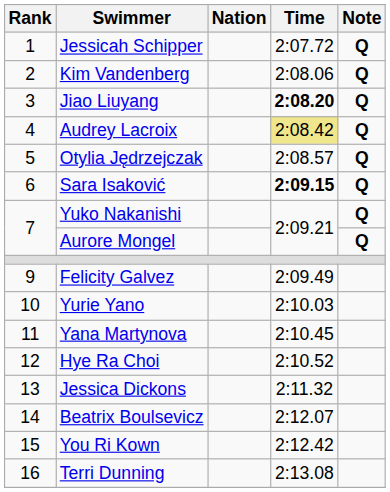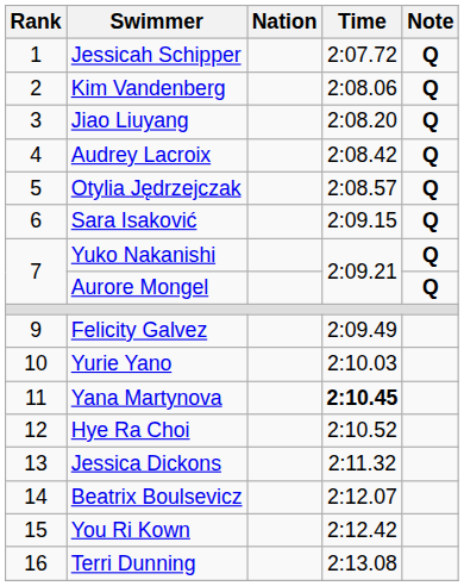 <table class="wikitable" style="text-align:center">
 <tr>
 <th>Rank</th>
 <th>Swimmer</th>
 <th>Nation</th>
 <th>Time</th>
 <th>Note</th>
 </tr>
 <tr>
 <td>1</td>
 <td align=left><a href='#'>Jessicah Schipper</a></td>
 <td align=left></td>
 <td>2:07.72</td>
 <td><strong>Q</strong></td>
 </tr>
 <tr>
 <td>2</td>
 <td align=left><a href='#'>Kim Vandenberg</a></td>
 <td align=left></td>
 <td>2:08.06</td>
 <td><strong>Q</strong></td>
 </tr>
 <tr>
 <td>3</td>
 <td align=left><a href='#'>Jiao Liuyang</a></td>
 <td align=left></td>
-<td><strong>2:08.20</strong></td>
+<td>2:08.20</td>
 <td><strong>Q</strong></td>
 </tr>
 <tr>
 <td>4</td>
 <td align=left><a href='#'>Audrey Lacroix</a></td>
 <td align=left></td>
-<td style="background: khaki;">2:08.42</td>
+<td>2:08.42</td>
 <td><strong>Q</strong></td>
 </tr>
 <tr>
 <td>5</td>
 <td align=left><a href='#'>Otylia Jędrzejczak</a></td>
 <td align=left></td>
 <td>2:08.57</td>
 <td><strong>Q</strong></td>
 </tr>
 <tr>
 <td>6</td>
 <td align=left><a href='#'>Sara Isaković</a></td>
 <td align=left></td>
-<td><strong>2:09.15</strong></td>
+<td>2:09.15</td>
 <td><strong>Q</strong></td>
 </tr>
 <tr>
 <td rowspan=2>7</td>
 <td align=left><a href='#'>Yuko Nakanishi</a></td>
 <td align=left></td>
 <td rowspan=2>2:09.21</td>
 <td><strong>Q</strong></td>
 </tr>
 <tr>
 <td align=left><a href='#'>Aurore Mongel</a></td>
 <td align=left></td>
 <td><strong>Q</strong></td>
 </tr>
 <tr bgcolor=#DDDDDD>
 <td colspan=5></td>
 </tr>
 <tr>
 <td>9</td>
 <td align=left><a href='#'>Felicity Galvez</a></td>
 <td align=left></td>
 <td>2:09.49</td>
 <td></td>
 </tr>
 <tr>
 <td>10</td>
 <td align=left><a href='#'>Yurie Yano</a></td>
 <td align=left></td>
 <td>2:10.03</td>
 <td></td>
 </tr>
 <tr>
 <td>11</td>
 <td align=left><a href='#'>Yana Martynova</a></td>
 <td align=left></td>
-<td>2:10.45</td>
+<td><strong>2:10.45</strong></td>
 <td></td>
 </tr>
 <tr>
 <td>12</td>
 <td align=left><a href='#'>Hye Ra Choi</a></td>
 <td align=left></td>
 <td>2:10.52</td>
 <td></td>
 </tr>
 <tr>
 <td>13</td>
 <td align=left><a href='#'>Jessica Dickons</a></td>
 <td align=left></td>
 <td>2:11.32</td>
 <td></td>
 </tr>
 <tr>
 <td>14</td>
 <td align=left><a href='#'>Beatrix Boulsevicz</a></td>
 <td align=left></td>
 <td>2:12.07</td>
 <td></td>
 </tr>
 <tr>
 <td>15</td>
 <td align=left><a href='#'>You Ri Kown</a></td>
 <td align=left></td>
 <td>2:12.42</td>
 <td></td>
 </tr>
 <tr>
 <td>16</td>
 <td align=left><a href='#'>Terri Dunning</a></td>
 <td align=left></td>
 <td>2:13.08</td>
 <td></td>
 </tr>
 <tr>
 </tr>
 </table>
